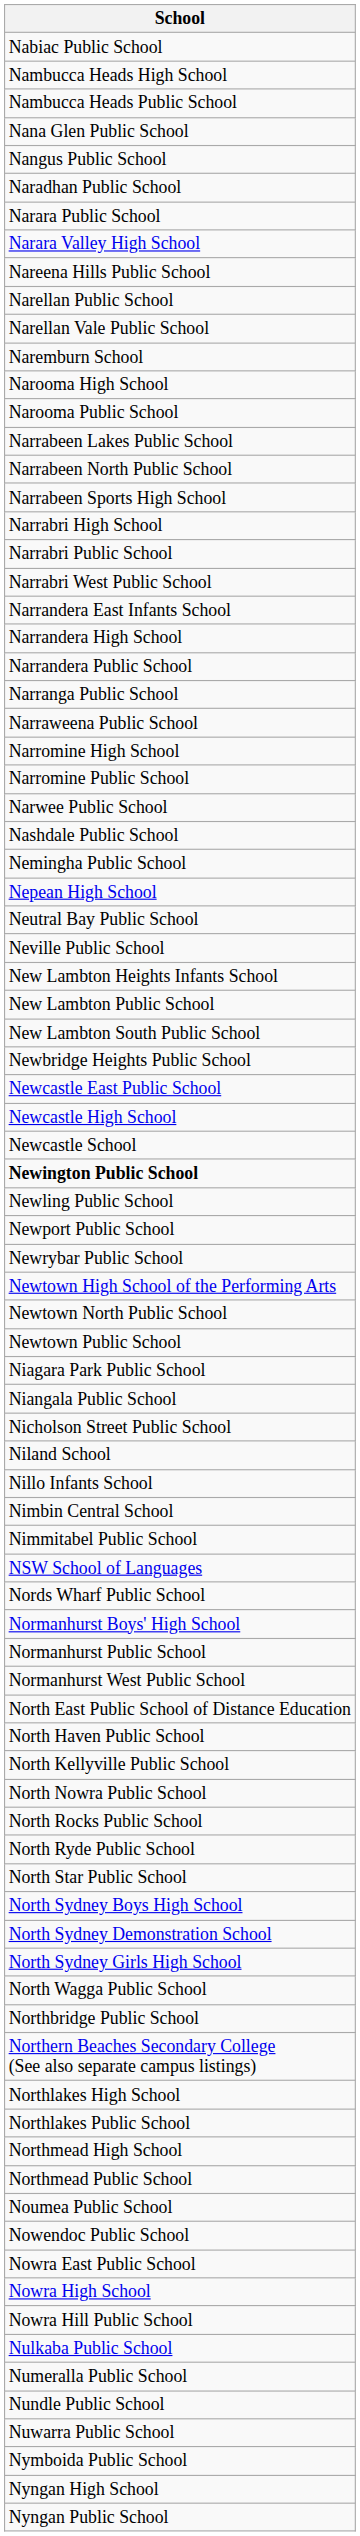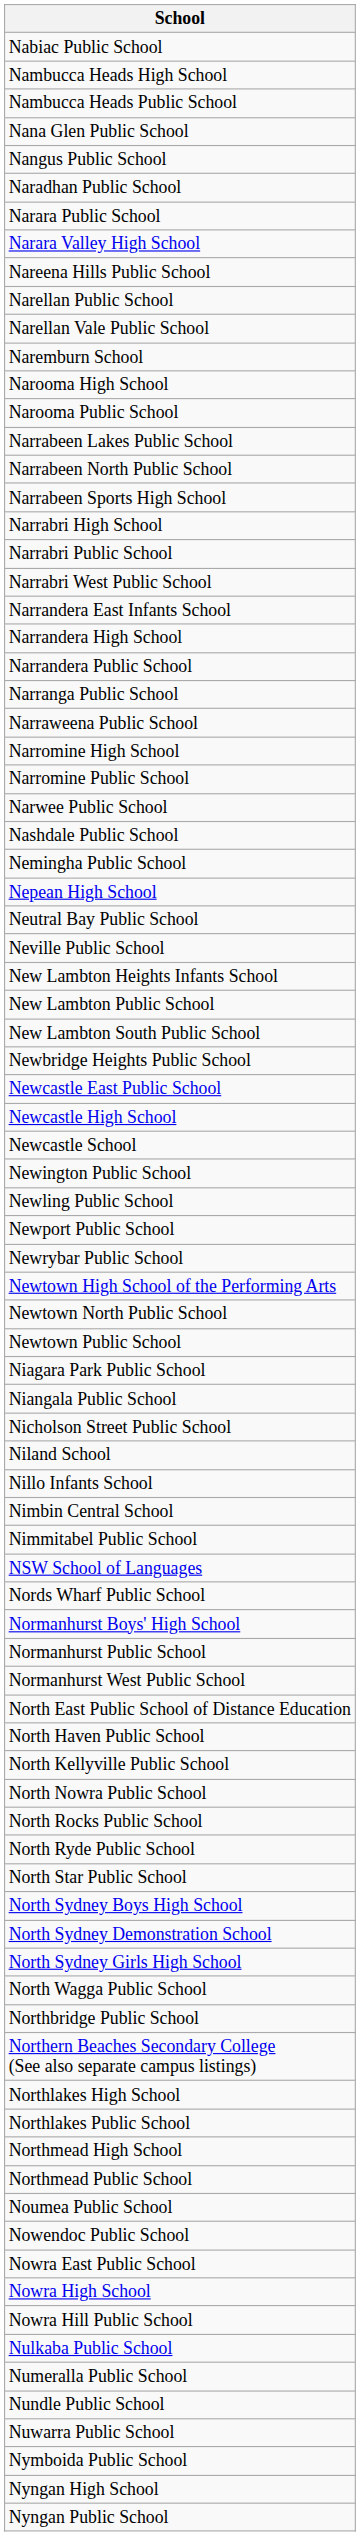 <table class="wikitable">
 <tr>
 <th>School</th>
 </tr>
 <tr>
 <td>Nabiac Public School</td>
 </tr>
 <tr>
 <td>Nambucca Heads High School</td>
 </tr>
 <tr>
 <td>Nambucca Heads Public School</td>
 </tr>
 <tr>
 <td>Nana Glen Public School</td>
 </tr>
 <tr>
 <td>Nangus Public School</td>
 </tr>
 <tr>
 <td>Naradhan Public School</td>
 </tr>
 <tr>
 <td>Narara Public School</td>
 </tr>
 <tr>
 <td><a href='#'>Narara Valley High School</a></td>
 </tr>
 <tr>
 <td>Nareena Hills Public School</td>
 </tr>
 <tr>
 <td>Narellan Public School</td>
 </tr>
 <tr>
 <td>Narellan Vale Public School</td>
 </tr>
 <tr>
 <td>Naremburn School</td>
 </tr>
 <tr>
 <td>Narooma High School</td>
 </tr>
 <tr>
 <td>Narooma Public School</td>
 </tr>
 <tr>
 <td>Narrabeen Lakes Public School</td>
 </tr>
 <tr>
 <td>Narrabeen North Public School</td>
 </tr>
 <tr>
 <td>Narrabeen Sports High School</td>
 </tr>
 <tr>
 <td>Narrabri High School</td>
 </tr>
 <tr>
 <td>Narrabri Public School</td>
 </tr>
 <tr>
 <td>Narrabri West Public School</td>
 </tr>
 <tr>
 <td>Narrandera East Infants School</td>
 </tr>
 <tr>
 <td>Narrandera High School</td>
 </tr>
 <tr>
 <td>Narrandera Public School</td>
 </tr>
 <tr>
 <td>Narranga Public School</td>
 </tr>
 <tr>
 <td>Narraweena Public School</td>
 </tr>
 <tr>
 <td>Narromine High School</td>
 </tr>
 <tr>
 <td>Narromine Public School</td>
 </tr>
 <tr>
 <td>Narwee Public School</td>
 </tr>
 <tr>
 <td>Nashdale Public School</td>
 </tr>
 <tr>
 <td>Nemingha Public School</td>
 </tr>
 <tr>
 <td><a href='#'>Nepean High School</a></td>
 </tr>
 <tr>
 <td>Neutral Bay Public School</td>
 </tr>
 <tr>
 <td>Neville Public School</td>
 </tr>
 <tr>
 <td>New Lambton Heights Infants School</td>
 </tr>
 <tr>
 <td>New Lambton Public School</td>
 </tr>
 <tr>
 <td>New Lambton South Public School</td>
 </tr>
 <tr>
 <td>Newbridge Heights Public School</td>
 </tr>
 <tr>
 <td><a href='#'>Newcastle East Public School</a></td>
 </tr>
 <tr>
 <td><a href='#'>Newcastle High School</a></td>
 </tr>
 <tr>
 <td>Newcastle School</td>
 </tr>
 <tr>
-<td><strong>Newington Public School</strong></td>
+<td>Newington Public School</td>
 </tr>
 <tr>
 <td>Newling Public School</td>
 </tr>
 <tr>
 <td>Newport Public School</td>
 </tr>
 <tr>
 <td>Newrybar Public School</td>
 </tr>
 <tr>
 <td><a href='#'>Newtown High School of the Performing Arts</a></td>
 </tr>
 <tr>
 <td>Newtown North Public School</td>
 </tr>
 <tr>
 <td>Newtown Public School</td>
 </tr>
 <tr>
 <td>Niagara Park Public School</td>
 </tr>
 <tr>
 <td>Niangala Public School</td>
 </tr>
 <tr>
 <td>Nicholson Street Public School</td>
 </tr>
 <tr>
 <td>Niland School</td>
 </tr>
 <tr>
 <td>Nillo Infants School</td>
 </tr>
 <tr>
 <td>Nimbin Central School</td>
 </tr>
 <tr>
 <td>Nimmitabel Public School</td>
 </tr>
 <tr>
 <td><a href='#'>NSW School of Languages</a></td>
 </tr>
 <tr>
 <td>Nords Wharf Public School</td>
 </tr>
 <tr>
 <td><a href='#'>Normanhurst Boys' High School</a></td>
 </tr>
 <tr>
 <td>Normanhurst Public School</td>
 </tr>
 <tr>
 <td>Normanhurst West Public School</td>
 </tr>
 <tr>
 <td>North East Public School of Distance Education</td>
 </tr>
 <tr>
 <td>North Haven Public School</td>
 </tr>
 <tr>
 <td>North Kellyville Public School</td>
 </tr>
 <tr>
 <td>North Nowra Public School</td>
 </tr>
 <tr>
 <td>North Rocks Public School</td>
 </tr>
 <tr>
 <td>North Ryde Public School</td>
 </tr>
 <tr>
 <td>North Star Public School</td>
 </tr>
 <tr>
 <td><a href='#'>North Sydney Boys High School</a></td>
 </tr>
 <tr>
 <td><a href='#'>North Sydney Demonstration School</a></td>
 </tr>
 <tr>
 <td><a href='#'>North Sydney Girls High School</a></td>
 </tr>
 <tr>
 <td>North Wagga Public School</td>
 </tr>
 <tr>
 <td>Northbridge Public School</td>
 </tr>
 <tr>
 <td><a href='#'>Northern Beaches Secondary College</a><br>(See also separate campus listings)</td>
 </tr>
 <tr>
 <td>Northlakes High School</td>
 </tr>
 <tr>
 <td>Northlakes Public School</td>
 </tr>
 <tr>
 <td>Northmead High School</td>
 </tr>
 <tr>
 <td>Northmead Public School</td>
 </tr>
 <tr>
 <td>Noumea Public School</td>
 </tr>
 <tr>
 <td>Nowendoc Public School</td>
 </tr>
 <tr>
 <td>Nowra East Public School</td>
 </tr>
 <tr>
 <td><a href='#'>Nowra High School</a></td>
 </tr>
 <tr>
 <td>Nowra Hill Public School</td>
 </tr>
 <tr>
 <td><a href='#'>Nulkaba Public School</a></td>
 </tr>
 <tr>
 <td>Numeralla Public School</td>
 </tr>
 <tr>
 <td>Nundle Public School</td>
 </tr>
 <tr>
 <td>Nuwarra Public School</td>
 </tr>
 <tr>
 <td>Nymboida Public School</td>
 </tr>
 <tr>
 <td>Nyngan High School</td>
 </tr>
 <tr>
 <td>Nyngan Public School</td>
 </tr>
 </table>
